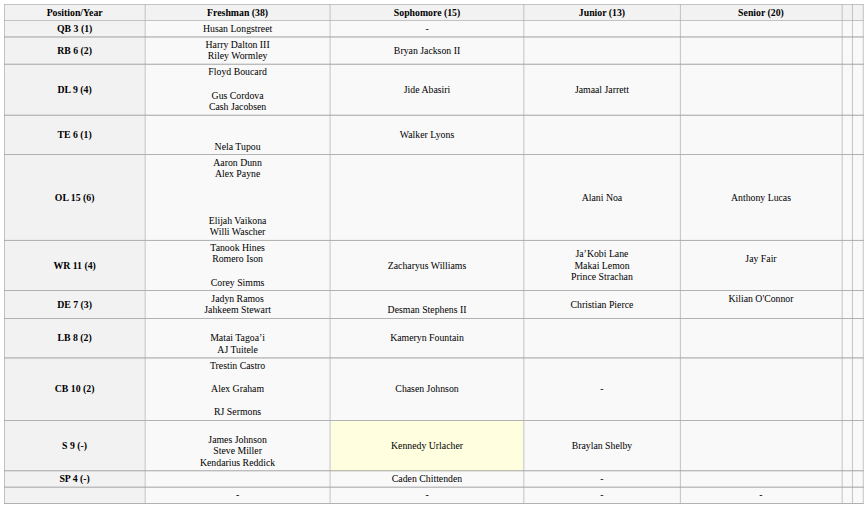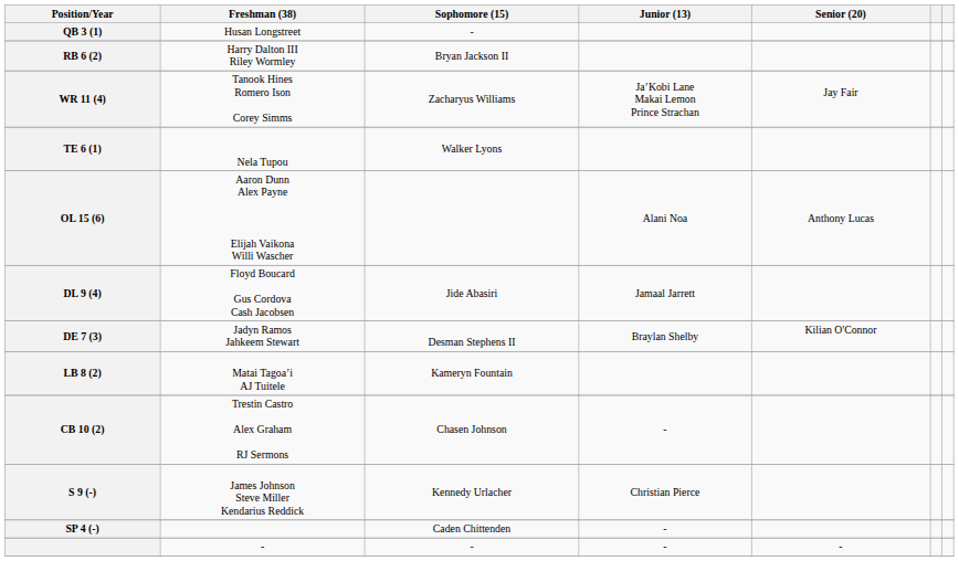 <table class="wikitable collapsible collapsed" style="font-size:90%;" width=100%>
 <tr>
 <th style="text-align:center; ">Position/Year</th>
 <th style="text-align:center; ">Freshman (38)</th>
 <th style="text-align:center; ">Sophomore (15)</th>
 <th style="text-align:center; ">Junior (13)</th>
 <th style="text-align:center; ">Senior (20)</th>
 <th></th>
 <th></th>
 </tr>
 <tr align="center">
 <th style="text-align:center; ">QB 3 (1)</th>
 <td>Husan Longstreet</td>
 <td>-</td>
 <td></td>
 <td></td>
 <td></td>
 <td></td>
 </tr>
 <tr>
 </tr>
 <tr align="center">
 <th style="text-align:center; ">RB 6 (2)</th>
 <td>Harry Dalton III <br> Riley Wormley</td>
 <td>Bryan Jackson II <br> </td>
 <td></td>
 <td></td>
 <td> <br> </td>
 <td></td>
 </tr>
 <tr>
 </tr>
 <tr align="center">
-<th style="text-align:center; ">DL 9 (4)</th>
-<td>Floyd Boucard <br>  <br> Gus Cordova <br> Cash Jacobsen <br> </td>
-<td>Jide Abasiri</td>
-<td>Jamaal Jarrett</td>
-<td> <br> </td>
+<th style="text-align:center; ">WR 11 (4)</th>
+<td>Tanook Hines <br> Romero Ison <br>  <br> Corey Simms</td>
+<td>Zacharyus Williams</td>
+<td>Ja’Kobi Lane <br> Makai Lemon <br> Prince Strachan</td>
+<td>Jay Fair <br>  <br> </td>
 <td> <br>  <br>  <br> </td>
 <td></td>
 </tr>
 <tr>
 </tr>
 <tr align="center">
 <th style="text-align:center; ">TE 6 (1)</th>
 <td> <br>  <br> Nela Tupou</td>
 <td>Walker Lyons</td>
 <td></td>
 <td></td>
 <td></td>
 <td></td>
 </tr>
 <tr>
 </tr>
 <tr align="center">
 <th style="text-align:center; ">OL 15 (6)</th>
 <td>Aaron Dunn <br> Alex Payne <br>  <br>  <br>  <br> Elijah Vaikona <br> Willi Wascher</td>
 <td> <br>  <br>  <br> </td>
 <td>Alani Noa</td>
 <td>Anthony Lucas</td>
 <td> <br>  <br>  <br>  <br>  <br> </td>
 <td></td>
 </tr>
 <tr>
 </tr>
 <tr align="center">
-<th style="text-align:center; ">WR 11 (4)</th>
-<td>Tanook Hines <br> Romero Ison <br>  <br> Corey Simms</td>
-<td>Zacharyus Williams</td>
-<td>Ja’Kobi Lane <br> Makai Lemon <br> Prince Strachan</td>
-<td>Jay Fair <br>  <br> </td>
+<th style="text-align:center; ">DL 9 (4)</th>
+<td>Floyd Boucard <br>  <br> Gus Cordova <br> Cash Jacobsen <br> </td>
+<td>Jide Abasiri</td>
+<td>Jamaal Jarrett</td>
+<td> <br> </td>
 <td> <br>  <br>  <br> </td>
 <td></td>
 </tr>
 <tr>
 </tr>
 <tr align="center">
 <th style="text-align:center; ">DE 7 (3)</th>
 <td>Jadyn Ramos <br> Jahkeem Stewart</td>
 <td> <br> Desman Stephens II</td>
-<td>Christian Pierce <br> </td>
+<td>Braylan Shelby <br> </td>
 <td>Kilian O'Connor <br>  <br> </td>
 <td>  <br> </td>
 <td></td>
 </tr>
 <tr>
 </tr>
 <tr align="center">
 <th style="text-align:center; ">LB 8 (2)</th>
 <td> <br> Matai Tagoa’i <br> AJ Tuitele <br> </td>
 <td>Kameryn Fountain</td>
 <td></td>
 <td></td>
 <td> <br> </td>
 <td></td>
 </tr>
 <tr>
 </tr>
 <tr align="center">
 <th style="text-align:center; ">CB 10 (2)</th>
 <td>Trestin Castro <br>  <br> Alex Graham <br>  <br> RJ Sermons <br> </td>
 <td>Chasen Johnson</td>
 <td>-</td>
 <td> <br>  <br> </td>
 <td> <br> </td>
 <td></td>
 </tr>
 <tr>
 </tr>
 <tr align="center">
 <th style="text-align:center; ">S 9 (-)</th>
 <td> <br> James Johnson <br> Steve Miller <br> Kendarius Reddick</td>
-<td style="background: lightyellow;">Kennedy Urlacher</td>
-<td>Braylan Shelby <br> </td>
+<td>Kennedy Urlacher</td>
+<td>Christian Pierce <br> </td>
 <td> <br> </td>
 <td></td>
 <td></td>
 </tr>
 <tr>
 </tr>
 <tr align="center">
 <th style="text-align:center; ">SP 4 (-)</th>
 <td></td>
 <td>Caden Chittenden</td>
 <td>-</td>
 <td> <br> </td>
 <td></td>
 <td></td>
 </tr>
 <tr>
 </tr>
 <tr align="center">
 <th> </th>
 <td>-</td>
 <td>-</td>
 <td>-</td>
 <td>-</td>
 <td> <br> </td>
 <td></td>
 </tr>
 <tr>
 </tr>
 </table>
